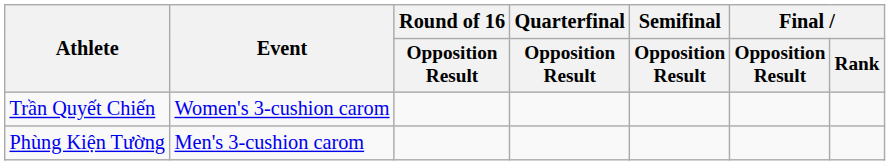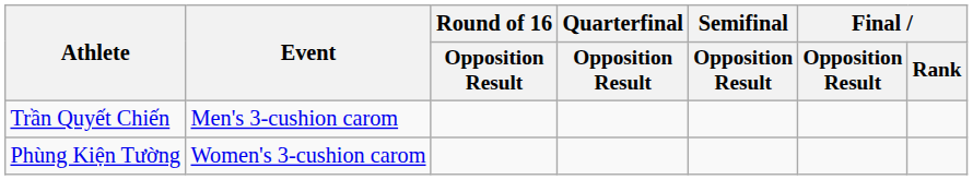 <table class="wikitable" style="font-size:90%;">
 <tr>
 <th rowspan=2>Athlete</th>
 <th rowspan=2>Event</th>
 <th>Round of 16</th>
 <th>Quarterfinal</th>
 <th>Semifinal</th>
 <th colspan=2>Final / </th>
 </tr>
 <tr style="font-size:95%">
 <th>Opposition<br>Result</th>
 <th>Opposition<br>Result</th>
 <th>Opposition<br>Result</th>
 <th>Opposition<br>Result</th>
 <th>Rank</th>
 </tr>
 <tr align=center>
 <td align=left><a href='#'>Trần Quyết Chiến</a></td>
-<td align=left><a href='#'>Women's 3-cushion carom</a></td>
+<td align=left><a href='#'>Men's 3-cushion carom</a></td>
 <td></td>
 <td></td>
 <td></td>
 <td></td>
 <td></td>
 </tr>
 <tr align=center>
 <td align=left><a href='#'>Phùng Kiện Tường</a></td>
-<td align=left><a href='#'>Men's 3-cushion carom</a></td>
+<td align=left><a href='#'>Women's 3-cushion carom</a></td>
 <td></td>
 <td></td>
 <td></td>
 <td></td>
 <td></td>
 </tr>
 </table>
